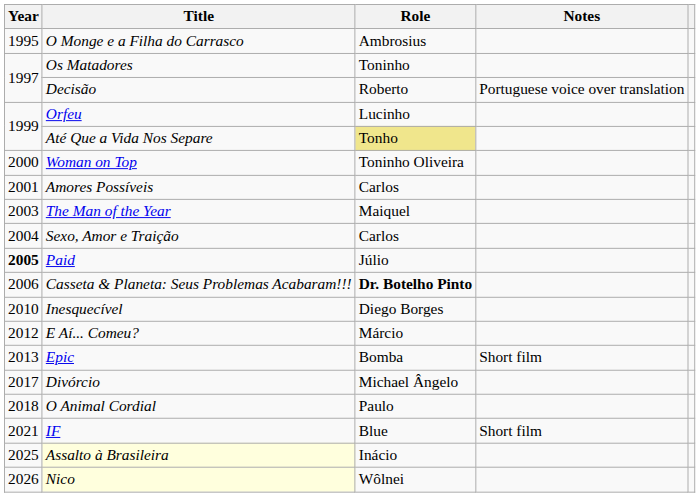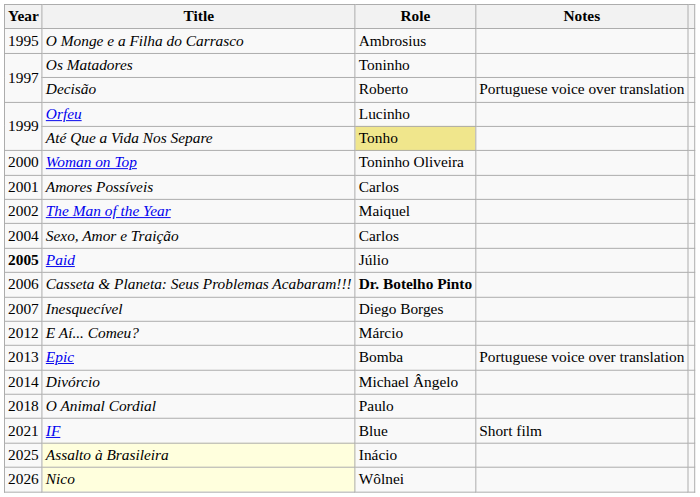 <table class="wikitable sortable">
 <tr>
 <th>Year</th>
 <th>Title</th>
 <th>Role</th>
 <th>Notes</th>
 <th class="unsortable"></th>
 </tr>
 <tr>
 <td>1995</td>
 <td><em>O Monge e a Filha do Carrasco</em></td>
 <td>Ambrosius</td>
 <td></td>
 <td></td>
 </tr>
 <tr>
 <td rowspan="2">1997</td>
 <td><em>Os Matadores</em></td>
 <td>Toninho</td>
 <td></td>
 <td></td>
 </tr>
 <tr>
 <td><em>Decisão</em></td>
 <td>Roberto</td>
 <td>Portuguese voice over translation</td>
 <td></td>
 </tr>
 <tr>
 <td rowspan="2">1999</td>
 <td><em><a href='#'>Orfeu</a></em></td>
 <td>Lucinho</td>
 <td></td>
 <td></td>
 </tr>
 <tr>
 <td><em>Até Que a Vida Nos Separe</em></td>
 <td style="background: khaki;">Tonho</td>
 <td></td>
 <td></td>
 </tr>
 <tr>
 <td>2000</td>
 <td><em><a href='#'>Woman on Top</a></em></td>
 <td>Toninho Oliveira</td>
 <td></td>
 <td></td>
 </tr>
 <tr>
 <td>2001</td>
 <td><em>Amores Possíveis</em></td>
 <td>Carlos</td>
 <td></td>
 <td></td>
 </tr>
 <tr>
-<td>2003</td>
+<td>2002</td>
 <td><em><a href='#'>The Man of the Year</a></em></td>
 <td>Maiquel</td>
 <td></td>
 <td></td>
 </tr>
 <tr>
 <td>2004</td>
 <td><em>Sexo, Amor e Traição</em></td>
 <td>Carlos</td>
 <td></td>
 <td></td>
 </tr>
 <tr>
 <td><strong>2005</strong></td>
 <td><em><a href='#'>Paid</a></em></td>
 <td>Júlio</td>
 <td></td>
 <td></td>
 </tr>
 <tr>
 <td>2006</td>
 <td><em>Casseta & Planeta: Seus Problemas Acabaram!!!</em></td>
 <td><strong>Dr. Botelho Pinto</strong></td>
 <td></td>
 <td></td>
 </tr>
 <tr>
-<td>2010</td>
+<td>2007</td>
 <td><em>Inesquecível</em></td>
 <td>Diego Borges</td>
 <td></td>
 <td></td>
 </tr>
 <tr>
 <td>2012</td>
 <td><em>E Aí... Comeu?</em></td>
 <td>Márcio</td>
 <td></td>
 <td></td>
 </tr>
 <tr>
 <td>2013</td>
 <td><em><a href='#'>Epic</a></em></td>
 <td>Bomba</td>
-<td>Short film</td>
+<td>Portuguese voice over translation</td>
 <td></td>
 </tr>
 <tr>
-<td>2017</td>
+<td>2014</td>
 <td><em>Divórcio</em></td>
 <td>Michael Ângelo</td>
 <td></td>
 <td></td>
 </tr>
 <tr>
 <td>2018</td>
 <td><em>O Animal Cordial</em></td>
 <td>Paulo</td>
 <td></td>
 <td></td>
 </tr>
 <tr>
 <td>2021</td>
 <td><em><a href='#'>IF</a></em></td>
 <td>Blue</td>
 <td>Short film</td>
 <td></td>
 </tr>
 <tr>
 <td>2025</td>
 <td style="background-color:#FFFFDD"><em>Assalto à Brasileira</em> </td>
 <td>Inácio</td>
 <td></td>
 <td></td>
 </tr>
 <tr>
 <td>2026</td>
 <td style="background-color:#FFFFDD"><em>Nico</em> </td>
 <td>Wôlnei</td>
 <td></td>
 <td></td>
 </tr>
 </table>
